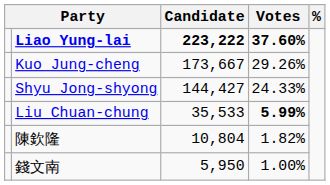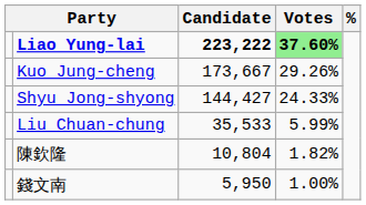 <table class="wikitable">
 <tr>
 <th colspan="2">Party</th>
 <th>Candidate</th>
 <th>Votes</th>
 <th>%</th>
 </tr>
 <tr>
 <td></td>
 <td><strong><a href='#'>Liao Yung-lai</a></strong></td>
 <td align="right"><strong>223,222</strong></td>
-<td align="right"><strong>37.60%</strong></td>
+<td align="right" style="background: lightgreen;"><strong>37.60%</strong></td>
 </tr>
 <tr>
 <td></td>
 <td><a href='#'>Kuo Jung-cheng</a></td>
 <td align="right">173,667</td>
 <td align="right">29.26%</td>
 </tr>
 <tr>
 <td></td>
 <td><a href='#'>Shyu Jong-shyong</a></td>
 <td align="right">144,427</td>
 <td align="right">24.33%</td>
 </tr>
 <tr>
 <td></td>
 <td><a href='#'>Liu Chuan-chung</a></td>
 <td align="right">35,533</td>
-<td align="right"><strong>5.99%</strong></td>
+<td align="right">5.99%</td>
 </tr>
 <tr>
 <td></td>
 <td>陳欽隆</td>
 <td align="right">10,804</td>
 <td align="right">1.82%</td>
 </tr>
 <tr>
 <td></td>
 <td>錢文南</td>
 <td align="right">5,950</td>
 <td align="right">1.00%</td>
 </tr>
 </table>
